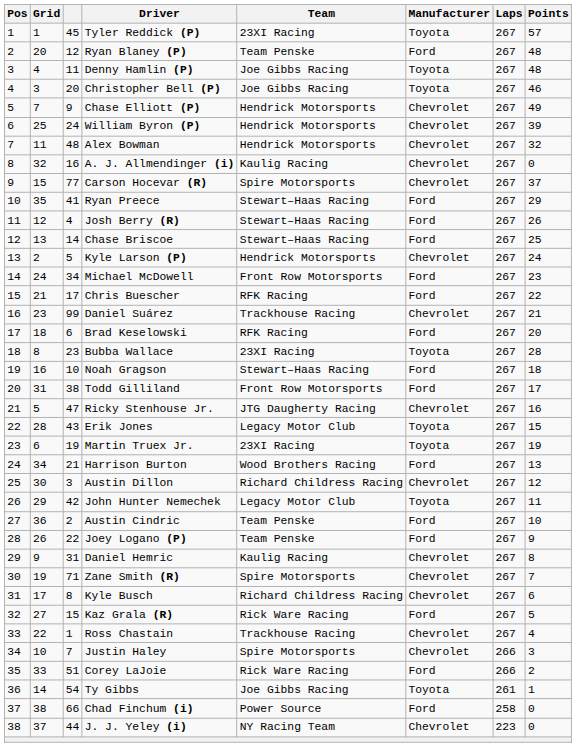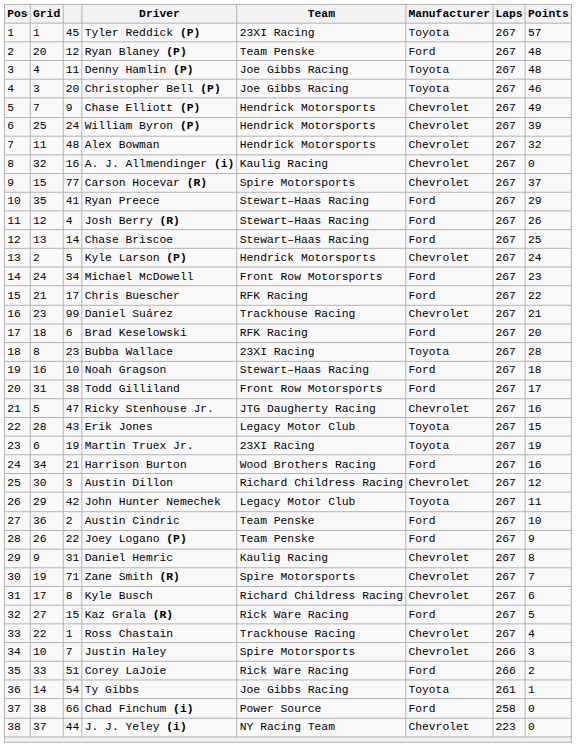 <table class="wikitable" style="font-size:98%">
 <tr>
 <th>Pos</th>
 <th>Grid</th>
 <th></th>
 <th>Driver</th>
 <th>Team</th>
 <th>Manufacturer</th>
 <th>Laps</th>
 <th>Points</th>
 </tr>
 <tr>
 <td>1</td>
 <td>1</td>
 <td>45</td>
 <td>Tyler Reddick <strong>(P)</strong></td>
 <td>23XI Racing</td>
 <td>Toyota</td>
 <td>267</td>
 <td>57</td>
 </tr>
 <tr>
 <td>2</td>
 <td>20</td>
 <td>12</td>
 <td>Ryan Blaney <strong>(P)</strong></td>
 <td>Team Penske</td>
 <td>Ford</td>
 <td>267</td>
 <td>48</td>
 </tr>
 <tr>
 <td>3</td>
 <td>4</td>
 <td>11</td>
 <td>Denny Hamlin <strong>(P)</strong></td>
 <td>Joe Gibbs Racing</td>
 <td>Toyota</td>
 <td>267</td>
 <td>48</td>
 </tr>
 <tr>
 <td>4</td>
 <td>3</td>
 <td>20</td>
 <td>Christopher Bell <strong>(P)</strong></td>
 <td>Joe Gibbs Racing</td>
 <td>Toyota</td>
 <td>267</td>
 <td>46</td>
 </tr>
 <tr>
 <td>5</td>
 <td>7</td>
 <td>9</td>
 <td>Chase Elliott <strong>(P)</strong></td>
 <td>Hendrick Motorsports</td>
 <td>Chevrolet</td>
 <td>267</td>
 <td>49</td>
 </tr>
 <tr>
 <td>6</td>
 <td>25</td>
 <td>24</td>
 <td>William Byron <strong>(P)</strong></td>
 <td>Hendrick Motorsports</td>
 <td>Chevrolet</td>
 <td>267</td>
 <td>39</td>
 </tr>
 <tr>
 <td>7</td>
 <td>11</td>
 <td>48</td>
 <td>Alex Bowman</td>
 <td>Hendrick Motorsports</td>
 <td>Chevrolet</td>
 <td>267</td>
 <td>32</td>
 </tr>
 <tr>
 <td>8</td>
 <td>32</td>
 <td>16</td>
 <td>A. J. Allmendinger <strong>(i)</strong></td>
 <td>Kaulig Racing</td>
 <td>Chevrolet</td>
 <td>267</td>
 <td>0</td>
 </tr>
 <tr>
 <td>9</td>
 <td>15</td>
 <td>77</td>
 <td>Carson Hocevar <strong>(R)</strong></td>
 <td>Spire Motorsports</td>
 <td>Chevrolet</td>
 <td>267</td>
 <td>37</td>
 </tr>
 <tr>
 <td>10</td>
 <td>35</td>
 <td>41</td>
 <td>Ryan Preece</td>
 <td>Stewart–Haas Racing</td>
 <td>Ford</td>
 <td>267</td>
 <td>29</td>
 </tr>
 <tr>
 <td>11</td>
 <td>12</td>
 <td>4</td>
 <td>Josh Berry <strong>(R)</strong></td>
 <td>Stewart–Haas Racing</td>
 <td>Ford</td>
 <td>267</td>
 <td>26</td>
 </tr>
 <tr>
 <td>12</td>
 <td>13</td>
 <td>14</td>
 <td>Chase Briscoe</td>
 <td>Stewart–Haas Racing</td>
 <td>Ford</td>
 <td>267</td>
 <td>25</td>
 </tr>
 <tr>
 <td>13</td>
 <td>2</td>
 <td>5</td>
 <td>Kyle Larson <strong>(P)</strong></td>
 <td>Hendrick Motorsports</td>
 <td>Chevrolet</td>
 <td>267</td>
 <td>24</td>
 </tr>
 <tr>
 <td>14</td>
 <td>24</td>
 <td>34</td>
 <td>Michael McDowell</td>
 <td>Front Row Motorsports</td>
 <td>Ford</td>
 <td>267</td>
 <td>23</td>
 </tr>
 <tr>
 <td>15</td>
 <td>21</td>
 <td>17</td>
 <td>Chris Buescher</td>
 <td>RFK Racing</td>
 <td>Ford</td>
 <td>267</td>
 <td>22</td>
 </tr>
 <tr>
 <td>16</td>
 <td>23</td>
 <td>99</td>
 <td>Daniel Suárez</td>
 <td>Trackhouse Racing</td>
 <td>Chevrolet</td>
 <td>267</td>
 <td>21</td>
 </tr>
 <tr>
 <td>17</td>
 <td>18</td>
 <td>6</td>
 <td>Brad Keselowski</td>
 <td>RFK Racing</td>
 <td>Ford</td>
 <td>267</td>
 <td>20</td>
 </tr>
 <tr>
 <td>18</td>
 <td>8</td>
 <td>23</td>
 <td>Bubba Wallace</td>
 <td>23XI Racing</td>
 <td>Toyota</td>
 <td>267</td>
 <td>28</td>
 </tr>
 <tr>
 <td>19</td>
 <td>16</td>
 <td>10</td>
 <td>Noah Gragson</td>
 <td>Stewart–Haas Racing</td>
 <td>Ford</td>
 <td>267</td>
 <td>18</td>
 </tr>
 <tr>
 <td>20</td>
 <td>31</td>
 <td>38</td>
 <td>Todd Gilliland</td>
 <td>Front Row Motorsports</td>
 <td>Ford</td>
 <td>267</td>
 <td>17</td>
 </tr>
 <tr>
 <td>21</td>
 <td>5</td>
 <td>47</td>
 <td>Ricky Stenhouse Jr.</td>
 <td>JTG Daugherty Racing</td>
 <td>Chevrolet</td>
 <td>267</td>
 <td>16</td>
 </tr>
 <tr>
 <td>22</td>
 <td>28</td>
 <td>43</td>
 <td>Erik Jones</td>
 <td>Legacy Motor Club</td>
 <td>Toyota</td>
 <td>267</td>
 <td>15</td>
 </tr>
 <tr>
 <td>23</td>
 <td>6</td>
 <td>19</td>
 <td>Martin Truex Jr.</td>
 <td>23XI Racing</td>
 <td>Toyota</td>
 <td>267</td>
 <td>19</td>
 </tr>
 <tr>
 <td>24</td>
 <td>34</td>
 <td>21</td>
 <td>Harrison Burton</td>
 <td>Wood Brothers Racing</td>
 <td>Ford</td>
 <td>267</td>
-<td>13</td>
+<td>16</td>
 </tr>
 <tr>
 <td>25</td>
 <td>30</td>
 <td>3</td>
 <td>Austin Dillon</td>
 <td>Richard Childress Racing</td>
 <td>Chevrolet</td>
 <td>267</td>
 <td>12</td>
 </tr>
 <tr>
 <td>26</td>
 <td>29</td>
 <td>42</td>
 <td>John Hunter Nemechek</td>
 <td>Legacy Motor Club</td>
 <td>Toyota</td>
 <td>267</td>
 <td>11</td>
 </tr>
 <tr>
 <td>27</td>
 <td>36</td>
 <td>2</td>
 <td>Austin Cindric</td>
 <td>Team Penske</td>
 <td>Ford</td>
 <td>267</td>
 <td>10</td>
 </tr>
 <tr>
 <td>28</td>
 <td>26</td>
 <td>22</td>
 <td>Joey Logano <strong>(P)</strong></td>
 <td>Team Penske</td>
 <td>Ford</td>
 <td>267</td>
 <td>9</td>
 </tr>
 <tr>
 <td>29</td>
 <td>9</td>
 <td>31</td>
 <td>Daniel Hemric</td>
 <td>Kaulig Racing</td>
 <td>Chevrolet</td>
 <td>267</td>
 <td>8</td>
 </tr>
 <tr>
 <td>30</td>
 <td>19</td>
 <td>71</td>
 <td>Zane Smith <strong>(R)</strong></td>
 <td>Spire Motorsports</td>
 <td>Chevrolet</td>
 <td>267</td>
 <td>7</td>
 </tr>
 <tr>
 <td>31</td>
 <td>17</td>
 <td>8</td>
 <td>Kyle Busch</td>
 <td>Richard Childress Racing</td>
 <td>Chevrolet</td>
 <td>267</td>
 <td>6</td>
 </tr>
 <tr>
 <td>32</td>
 <td>27</td>
 <td>15</td>
 <td>Kaz Grala <strong>(R)</strong></td>
 <td>Rick Ware Racing</td>
 <td>Ford</td>
 <td>267</td>
 <td>5</td>
 </tr>
 <tr>
 <td>33</td>
 <td>22</td>
 <td>1</td>
 <td>Ross Chastain</td>
 <td>Trackhouse Racing</td>
 <td>Chevrolet</td>
 <td>267</td>
 <td>4</td>
 </tr>
 <tr>
 <td>34</td>
 <td>10</td>
 <td>7</td>
 <td>Justin Haley</td>
 <td>Spire Motorsports</td>
 <td>Chevrolet</td>
 <td>266</td>
 <td>3</td>
 </tr>
 <tr>
 <td>35</td>
 <td>33</td>
 <td>51</td>
 <td>Corey LaJoie</td>
 <td>Rick Ware Racing</td>
 <td>Ford</td>
 <td>266</td>
 <td>2</td>
 </tr>
 <tr>
 <td>36</td>
 <td>14</td>
 <td>54</td>
 <td>Ty Gibbs</td>
 <td>Joe Gibbs Racing</td>
 <td>Toyota</td>
 <td>261</td>
 <td>1</td>
 </tr>
 <tr>
 <td>37</td>
 <td>38</td>
 <td>66</td>
 <td>Chad Finchum <strong>(i)</strong></td>
 <td>Power Source</td>
 <td>Ford</td>
 <td>258</td>
 <td>0</td>
 </tr>
 <tr>
 <td>38</td>
 <td>37</td>
 <td>44</td>
 <td>J. J. Yeley <strong>(i)</strong></td>
 <td>NY Racing Team</td>
 <td>Chevrolet</td>
 <td>223</td>
 <td>0</td>
 </tr>
 <tr>
 <th colspan="8"></th>
 </tr>
 </table>
